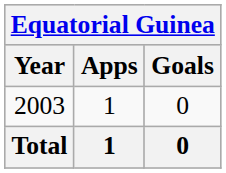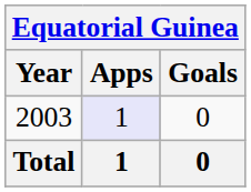 <table class="wikitable" style="text-align:center">
 <tr>
 <th colspan=3><a href='#'>Equatorial Guinea</a></th>
 </tr>
 <tr>
 <th>Year</th>
 <th>Apps</th>
 <th>Goals</th>
 </tr>
 <tr>
 <td>2003</td>
-<td>1</td>
+<td style="background: lavender;">1</td>
 <td>0</td>
 </tr>
 <tr>
 <th>Total</th>
 <th>1</th>
 <th>0</th>
 </tr>
 </table>
